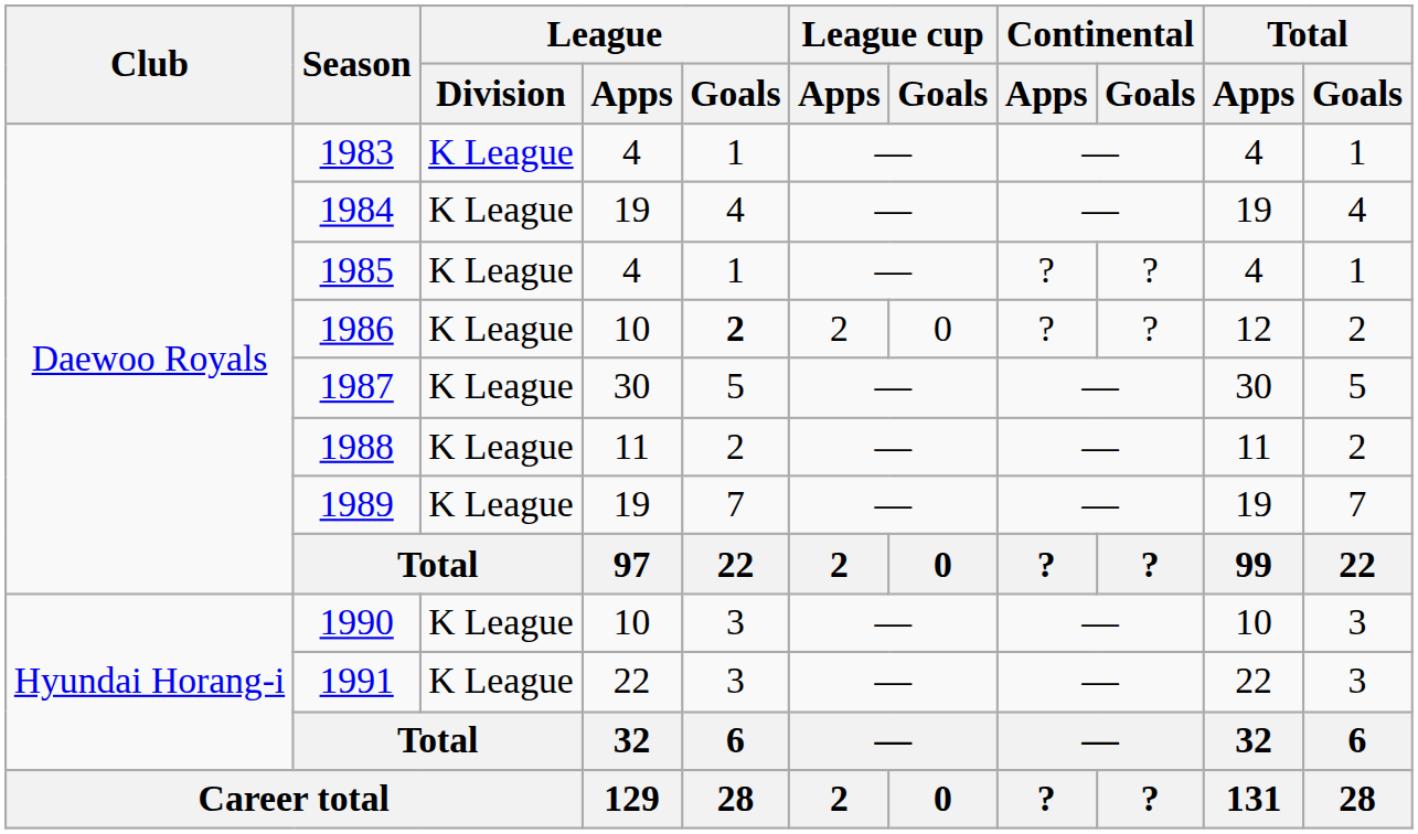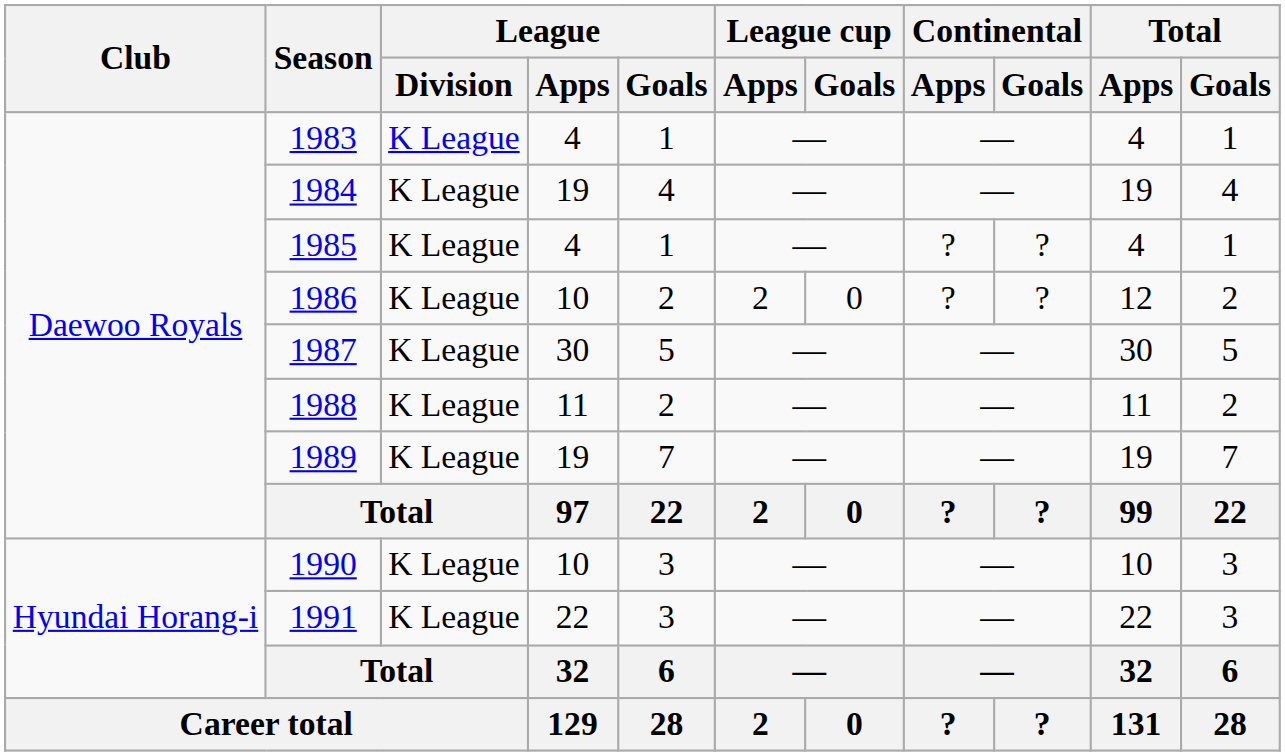 <table class="wikitable" style="text-align: center;">
 <tr>
 <th rowspan="2">Club</th>
 <th rowspan="2">Season</th>
 <th colspan="3">League</th>
 <th colspan="2">League cup</th>
 <th colspan="2">Continental</th>
 <th colspan="2">Total</th>
 </tr>
 <tr>
 <th>Division</th>
 <th>Apps</th>
 <th>Goals</th>
 <th>Apps</th>
 <th>Goals</th>
 <th>Apps</th>
 <th>Goals</th>
 <th>Apps</th>
 <th>Goals</th>
 </tr>
 <tr>
 <td rowspan="8"><a href='#'>Daewoo Royals</a></td>
 <td><a href='#'>1983</a></td>
 <td><a href='#'>K League</a></td>
 <td align="center">4</td>
 <td align="center">1</td>
 <td colspan="2">—</td>
 <td colspan="2">—</td>
 <td>4</td>
 <td>1</td>
 </tr>
 <tr>
 <td align="center"><a href='#'>1984</a></td>
 <td>K League</td>
 <td align="center">19</td>
 <td align="center">4</td>
 <td colspan="2">—</td>
 <td colspan="2">—</td>
 <td>19</td>
 <td>4</td>
 </tr>
 <tr>
 <td align="center"><a href='#'>1985</a></td>
 <td>K League</td>
 <td align="center">4</td>
 <td align="center">1</td>
 <td colspan="2">—</td>
 <td>?</td>
 <td>?</td>
 <td>4</td>
 <td>1</td>
 </tr>
 <tr>
 <td align="center"><a href='#'>1986</a></td>
 <td>K League</td>
 <td align="center">10</td>
-<td align="center"><strong>2</strong></td>
+<td align="center">2</td>
 <td align="center">2</td>
 <td align="center">0</td>
 <td>?</td>
 <td>?</td>
 <td>12</td>
 <td>2</td>
 </tr>
 <tr>
 <td align="center"><a href='#'>1987</a></td>
 <td>K League</td>
 <td align="center">30</td>
 <td align="center">5</td>
 <td colspan="2">—</td>
 <td colspan="2">—</td>
 <td>30</td>
 <td>5</td>
 </tr>
 <tr>
 <td align="center"><a href='#'>1988</a></td>
 <td>K League</td>
 <td align="center">11</td>
 <td align="center">2</td>
 <td colspan="2">—</td>
 <td colspan="2">—</td>
 <td>11</td>
 <td>2</td>
 </tr>
 <tr>
 <td align="center"><a href='#'>1989</a></td>
 <td>K League</td>
 <td align="center">19</td>
 <td align="center">7</td>
 <td colspan="2">—</td>
 <td colspan="2">—</td>
 <td>19</td>
 <td>7</td>
 </tr>
 <tr>
 <th colspan="2">Total</th>
 <th>97</th>
 <th>22</th>
 <th>2</th>
 <th>0</th>
 <th>?</th>
 <th>?</th>
 <th>99</th>
 <th>22</th>
 </tr>
 <tr>
 <td rowspan="3"><a href='#'>Hyundai Horang-i</a></td>
 <td align="center"><a href='#'>1990</a></td>
 <td>K League</td>
 <td align="center">10</td>
 <td align="center">3</td>
 <td colspan="2">—</td>
 <td colspan="2">—</td>
 <td>10</td>
 <td>3</td>
 </tr>
 <tr>
 <td align="center"><a href='#'>1991</a></td>
 <td>K League</td>
 <td align="center">22</td>
 <td align="center">3</td>
 <td colspan="2">—</td>
 <td colspan="2">—</td>
 <td>22</td>
 <td>3</td>
 </tr>
 <tr>
 <th colspan="2">Total</th>
 <th>32</th>
 <th>6</th>
 <th colspan="2">—</th>
 <th colspan="2">—</th>
 <th>32</th>
 <th>6</th>
 </tr>
 <tr style="background:beige">
 <th colspan="3">Career total</th>
 <th>129</th>
 <th>28</th>
 <th>2</th>
 <th>0</th>
 <th>?</th>
 <th>?</th>
 <th>131</th>
 <th>28</th>
 </tr>
 </table>
